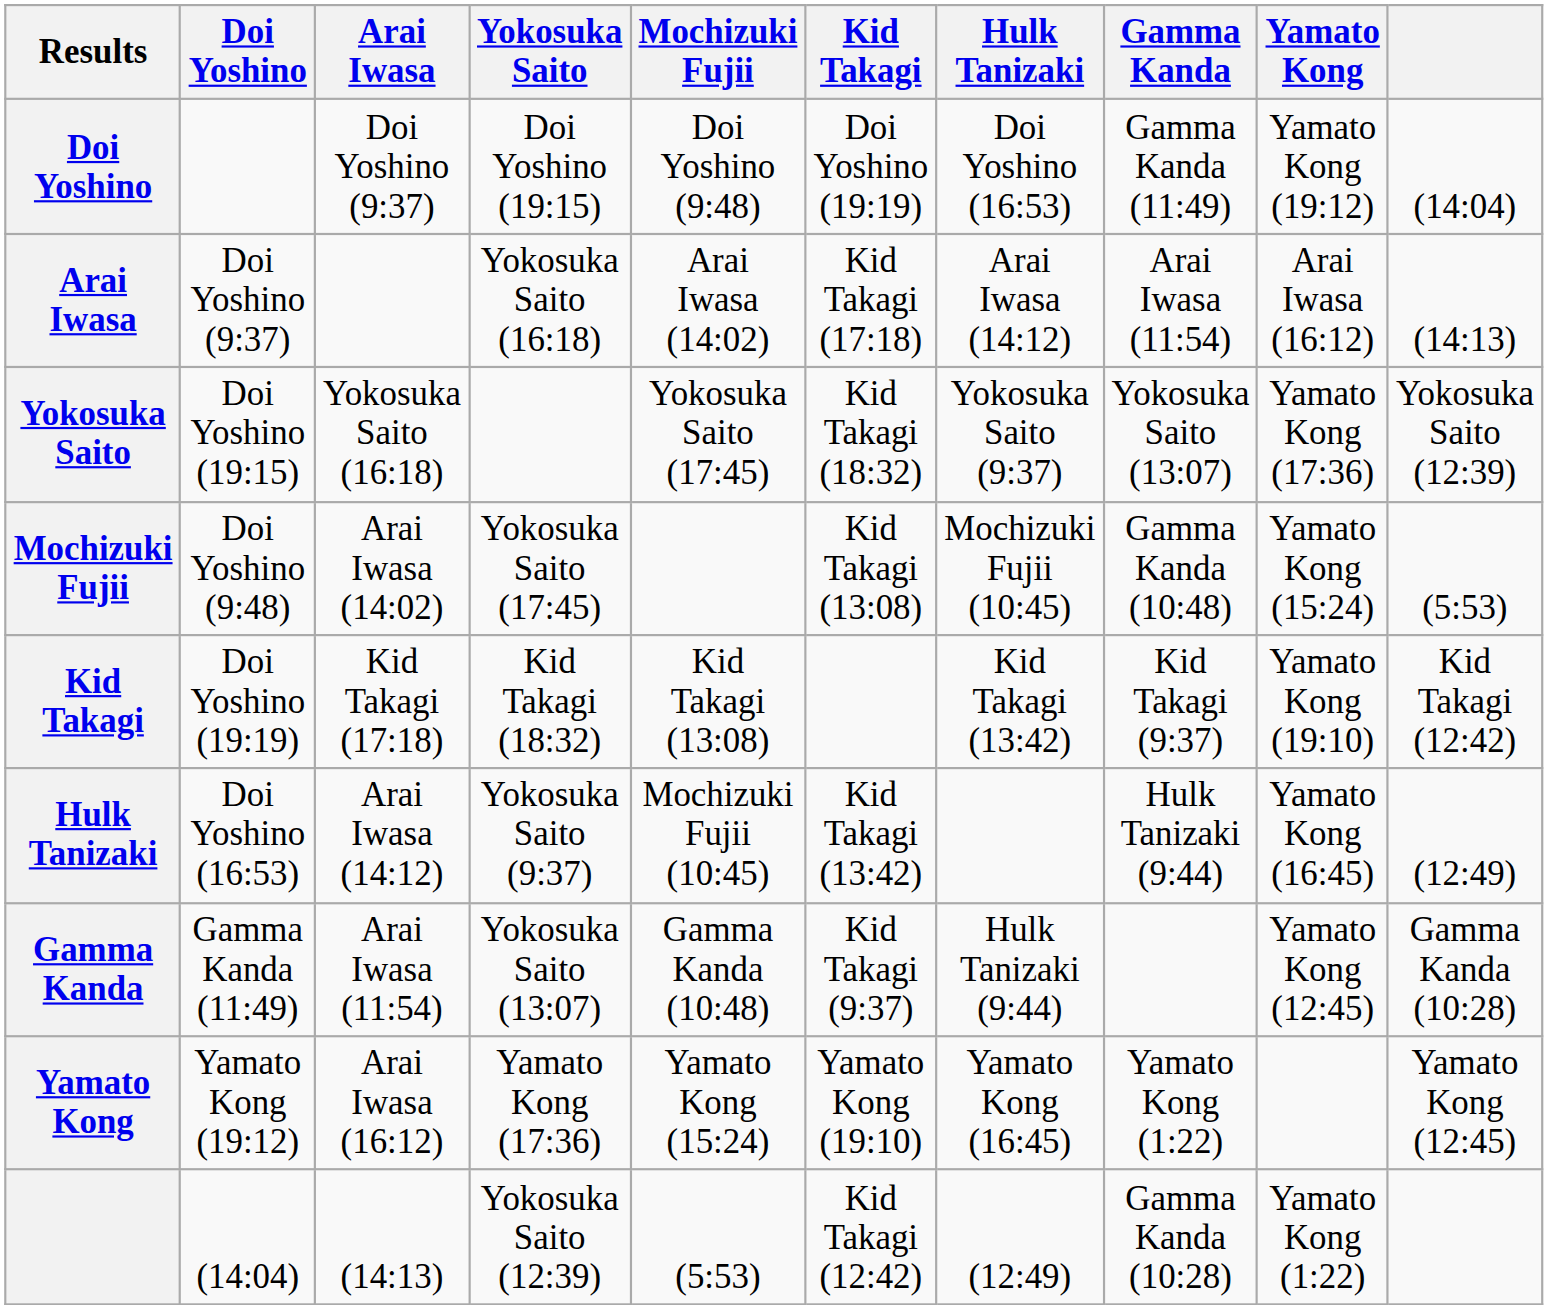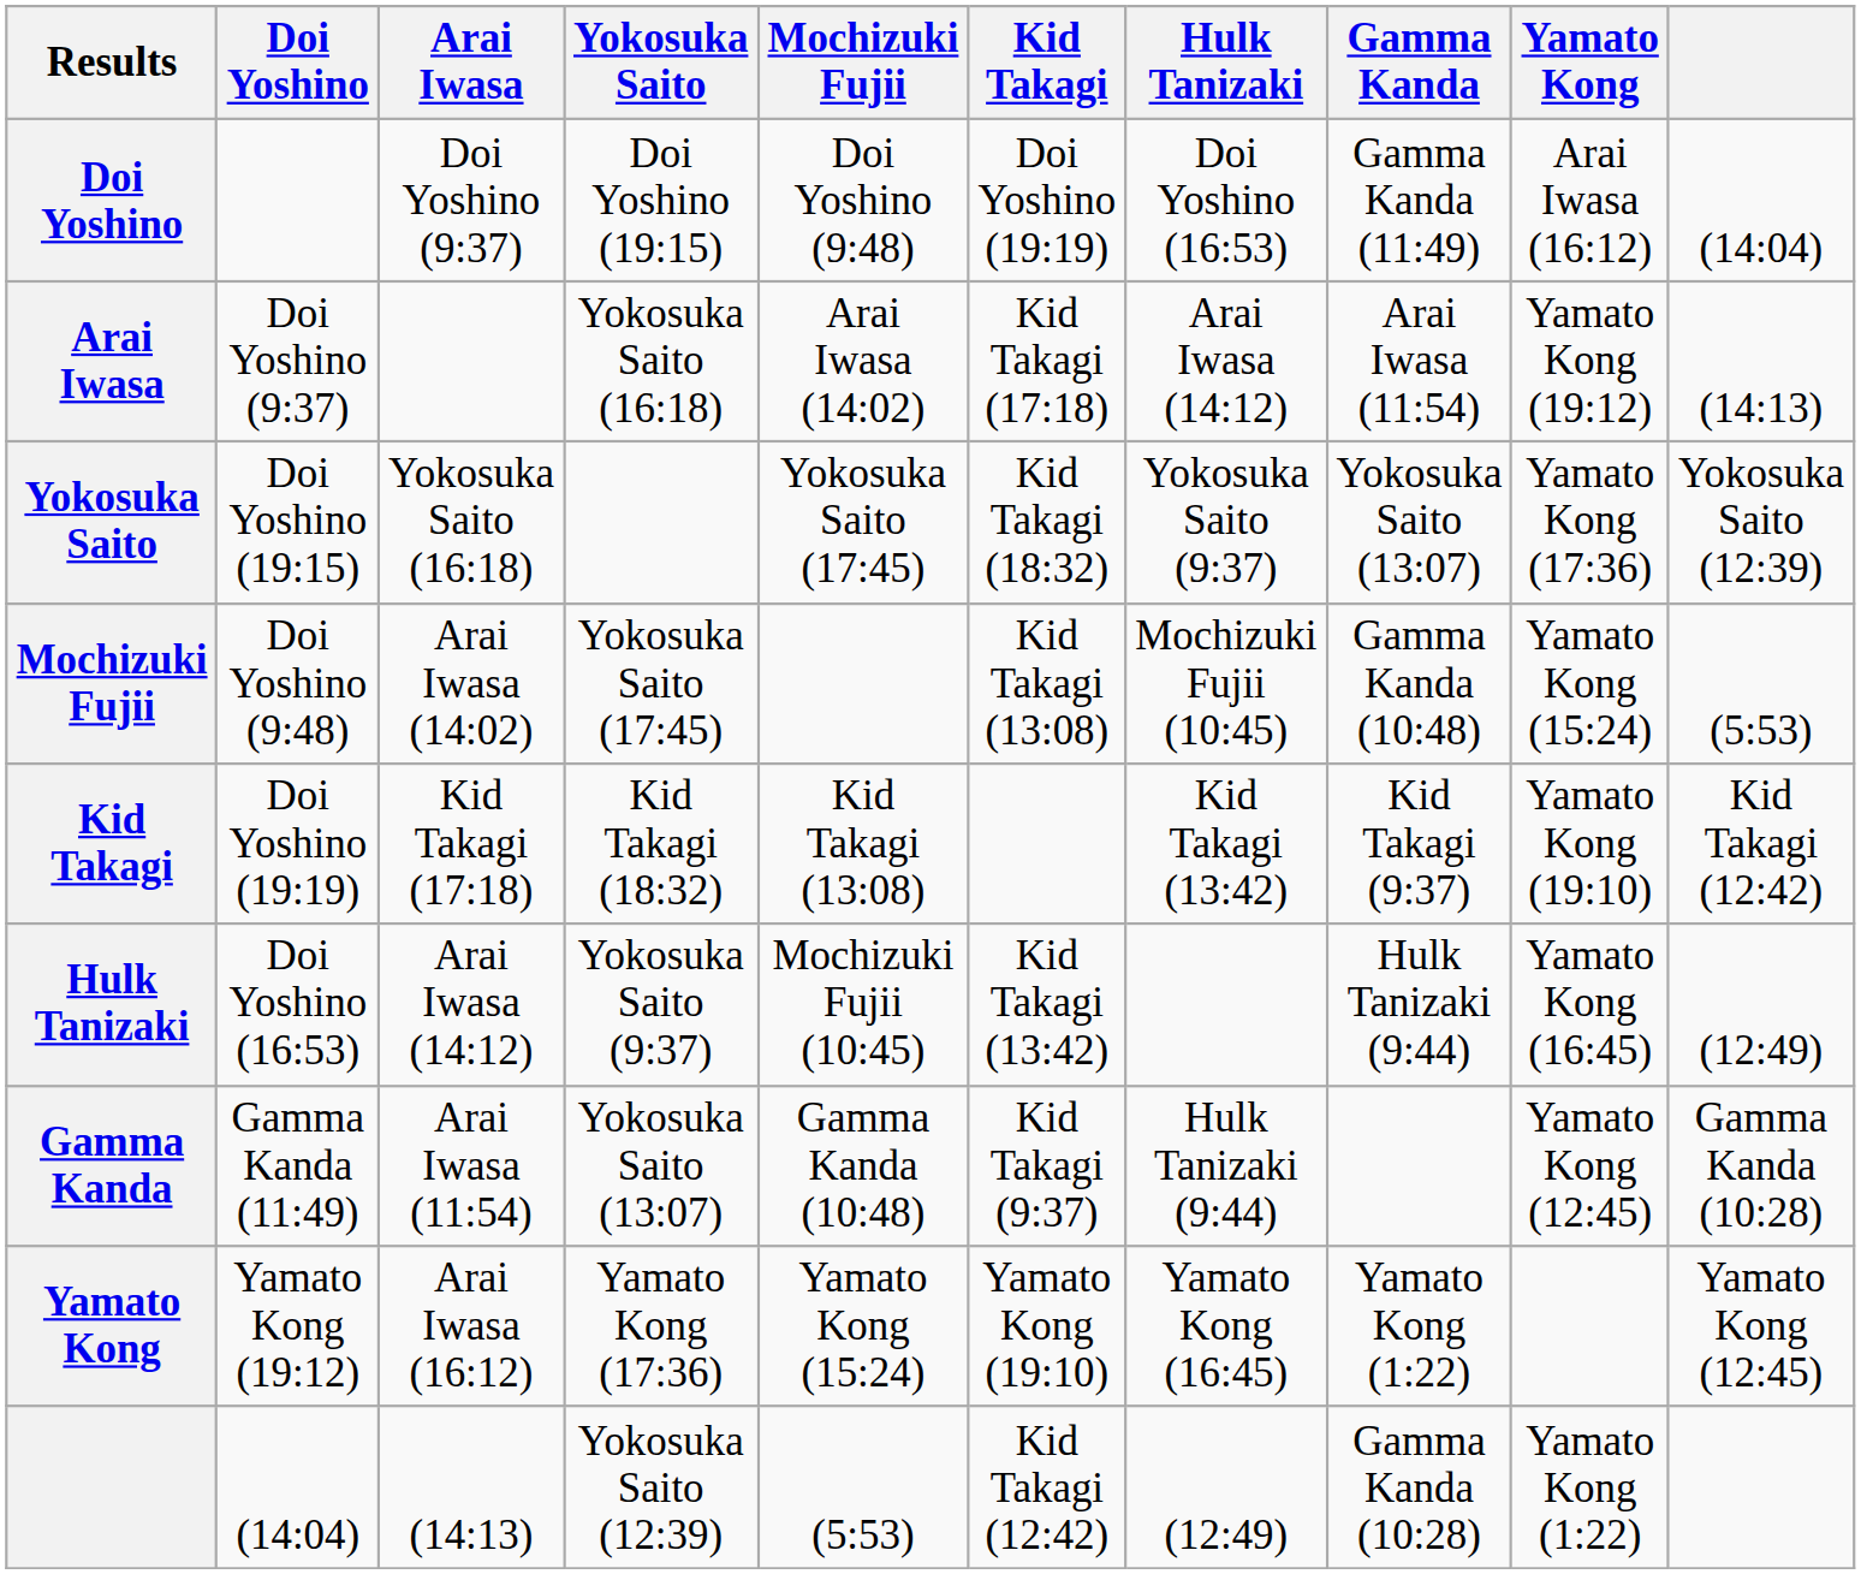 <table class="wikitable" style="margin: 1em auto 1em auto;text-align:center">
 <tr>
 <th>Results</th>
 <th><a href='#'>Doi</a><br><a href='#'>Yoshino</a></th>
 <th><a href='#'>Arai</a><br><a href='#'>Iwasa</a></th>
 <th><a href='#'>Yokosuka</a><br><a href='#'>Saito</a></th>
 <th><a href='#'>Mochizuki</a><br><a href='#'>Fujii</a></th>
 <th><a href='#'>Kid</a><br><a href='#'>Takagi</a></th>
 <th><a href='#'>Hulk</a><br><a href='#'>Tanizaki</a></th>
 <th><a href='#'>Gamma</a><br><a href='#'>Kanda</a></th>
 <th><a href='#'>Yamato</a><br><a href='#'>Kong</a></th>
 <th><br></th>
 </tr>
 <tr>
 <th><a href='#'>Doi</a><br><a href='#'>Yoshino</a></th>
 <td></td>
 <td>Doi<br>Yoshino<br>(9:37)</td>
 <td>Doi<br>Yoshino<br>(19:15)</td>
 <td>Doi<br>Yoshino<br>(9:48)</td>
 <td>Doi<br>Yoshino<br>(19:19)</td>
 <td>Doi<br>Yoshino<br>(16:53)</td>
 <td>Gamma<br>Kanda<br>(11:49)</td>
-<td>Yamato<br>Kong<br>(19:12)</td>
+<td>Arai<br>Iwasa<br>(16:12)</td>
 <td><br><br>(14:04)</td>
 </tr>
 <tr>
 <th><a href='#'>Arai</a><br><a href='#'>Iwasa</a></th>
 <td>Doi<br>Yoshino<br>(9:37)</td>
 <td></td>
 <td>Yokosuka<br>Saito<br>(16:18)</td>
 <td>Arai<br>Iwasa<br>(14:02)</td>
 <td>Kid<br>Takagi<br>(17:18)</td>
 <td>Arai<br>Iwasa<br>(14:12)</td>
 <td>Arai<br>Iwasa<br>(11:54)</td>
-<td>Arai<br>Iwasa<br>(16:12)</td>
+<td>Yamato<br>Kong<br>(19:12)</td>
 <td><br><br>(14:13)</td>
 </tr>
 <tr>
 <th><a href='#'>Yokosuka</a><br><a href='#'>Saito</a></th>
 <td>Doi<br>Yoshino<br>(19:15)</td>
 <td>Yokosuka<br>Saito<br>(16:18)</td>
 <td></td>
 <td>Yokosuka<br>Saito<br>(17:45)</td>
 <td>Kid<br>Takagi<br>(18:32)</td>
 <td>Yokosuka<br>Saito<br>(9:37)</td>
 <td>Yokosuka<br>Saito<br>(13:07)</td>
 <td>Yamato<br>Kong<br>(17:36)</td>
 <td>Yokosuka<br>Saito<br>(12:39)</td>
 </tr>
 <tr>
 <th><a href='#'>Mochizuki</a><br><a href='#'>Fujii</a></th>
 <td>Doi<br>Yoshino<br>(9:48)</td>
 <td>Arai<br>Iwasa<br>(14:02)</td>
 <td>Yokosuka<br>Saito<br>(17:45)</td>
 <td></td>
 <td>Kid<br>Takagi<br>(13:08)</td>
 <td>Mochizuki<br>Fujii<br>(10:45)</td>
 <td>Gamma<br>Kanda<br>(10:48)</td>
 <td>Yamato<br>Kong<br>(15:24)</td>
 <td><br><br>(5:53)</td>
 </tr>
 <tr>
 <th><a href='#'>Kid</a><br><a href='#'>Takagi</a></th>
 <td>Doi<br>Yoshino<br>(19:19)</td>
 <td>Kid<br>Takagi<br>(17:18)</td>
 <td>Kid<br>Takagi<br>(18:32)</td>
 <td>Kid<br>Takagi<br>(13:08)</td>
 <td></td>
 <td>Kid<br>Takagi<br>(13:42)</td>
 <td>Kid<br>Takagi<br>(9:37)</td>
 <td>Yamato<br>Kong<br>(19:10)</td>
 <td>Kid<br>Takagi<br>(12:42)</td>
 </tr>
 <tr>
 <th><a href='#'>Hulk</a><br><a href='#'>Tanizaki</a></th>
 <td>Doi<br>Yoshino<br>(16:53)</td>
 <td>Arai<br>Iwasa<br>(14:12)</td>
 <td>Yokosuka<br>Saito<br>(9:37)</td>
 <td>Mochizuki<br>Fujii<br>(10:45)</td>
 <td>Kid<br>Takagi<br>(13:42)</td>
 <td></td>
 <td>Hulk<br>Tanizaki<br>(9:44)</td>
 <td>Yamato<br>Kong<br>(16:45)</td>
 <td><br><br>(12:49)</td>
 </tr>
 <tr>
 <th><a href='#'>Gamma</a><br><a href='#'>Kanda</a></th>
 <td>Gamma<br>Kanda<br>(11:49)</td>
 <td>Arai<br>Iwasa<br>(11:54)</td>
 <td>Yokosuka<br>Saito<br>(13:07)</td>
 <td>Gamma<br>Kanda<br>(10:48)</td>
 <td>Kid<br>Takagi<br>(9:37)</td>
 <td>Hulk<br>Tanizaki<br>(9:44)</td>
 <td></td>
 <td>Yamato<br>Kong<br>(12:45)</td>
 <td>Gamma<br>Kanda<br>(10:28)</td>
 </tr>
 <tr>
 <th><a href='#'>Yamato</a><br><a href='#'>Kong</a></th>
 <td>Yamato<br>Kong<br>(19:12)</td>
 <td>Arai<br>Iwasa<br>(16:12)</td>
 <td>Yamato<br>Kong<br>(17:36)</td>
 <td>Yamato<br>Kong<br>(15:24)</td>
 <td>Yamato<br>Kong<br>(19:10)</td>
 <td>Yamato<br>Kong<br>(16:45)</td>
 <td>Yamato<br>Kong<br>(1:22)</td>
 <td></td>
 <td>Yamato<br>Kong<br>(12:45)</td>
 </tr>
 <tr>
 <th><br></th>
 <td><br><br>(14:04)</td>
 <td><br><br>(14:13)</td>
 <td>Yokosuka<br>Saito<br>(12:39)</td>
 <td><br><br>(5:53)</td>
 <td>Kid<br>Takagi<br>(12:42)</td>
 <td><br><br>(12:49)</td>
 <td>Gamma<br>Kanda<br>(10:28)</td>
 <td>Yamato<br>Kong<br>(1:22)</td>
 <td></td>
 </tr>
 </table>
